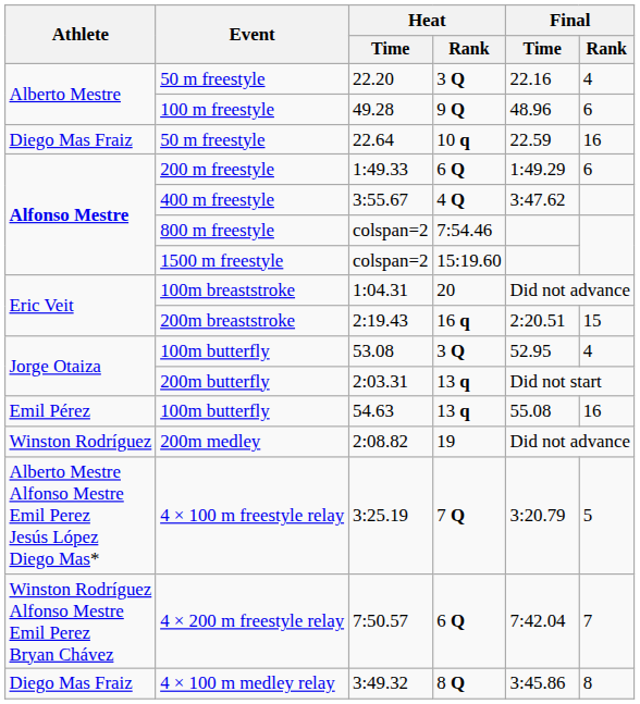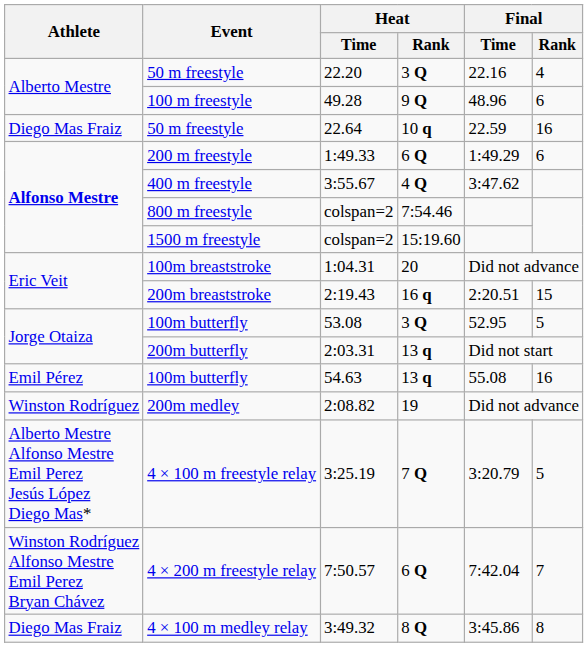 <table class=wikitable style="font-size:90%">
 <tr>
 <th rowspan="2">Athlete</th>
 <th rowspan="2">Event</th>
 <th colspan="2">Heat</th>
 <th colspan="2">Final</th>
 </tr>
 <tr style="font-size:95%">
 <th>Time</th>
 <th>Rank</th>
 <th>Time</th>
 <th>Rank</th>
 </tr>
 <tr>
 <td align=left rowspan=2><a href='#'>Alberto Mestre</a></td>
 <td align=left><a href='#'>50 m freestyle</a></td>
 <td>22.20</td>
 <td>3 <strong>Q</strong></td>
 <td>22.16</td>
 <td>4</td>
 </tr>
 <tr>
 <td align=left><a href='#'>100 m freestyle</a></td>
 <td>49.28</td>
 <td>9 <strong>Q</strong></td>
 <td>48.96</td>
 <td>6</td>
 </tr>
 <tr>
 <td align=left><a href='#'>Diego Mas Fraiz</a></td>
 <td align=left><a href='#'>50 m freestyle</a></td>
 <td>22.64</td>
 <td>10 <strong>q</strong></td>
 <td>22.59</td>
 <td>16</td>
 </tr>
 <tr>
 <td align=left rowspan=4><strong><a href='#'>Alfonso Mestre</a></strong></td>
 <td align=left><a href='#'>200 m freestyle</a></td>
 <td>1:49.33</td>
 <td>6 <strong>Q</strong></td>
 <td>1:49.29</td>
 <td>6</td>
 </tr>
 <tr>
 <td align=left><a href='#'>400 m freestyle</a></td>
 <td>3:55.67</td>
 <td>4 <strong>Q</strong></td>
 <td>3:47.62</td>
 <td></td>
 </tr>
 <tr>
 <td align=left><a href='#'>800 m freestyle</a></td>
 <td>colspan=2 </td>
 <td>7:54.46</td>
 <td></td>
 </tr>
 <tr>
 <td align=left><a href='#'>1500 m freestyle</a></td>
 <td>colspan=2 </td>
 <td>15:19.60</td>
 <td></td>
 </tr>
 <tr>
 <td align=left rowspan=2><a href='#'>Eric Veit</a></td>
 <td align=left><a href='#'>100m breaststroke</a></td>
 <td>1:04.31</td>
 <td>20</td>
 <td colspan=2>Did not advance</td>
 </tr>
 <tr>
 <td align=left><a href='#'>200m breaststroke</a></td>
 <td>2:19.43</td>
 <td>16 <strong>q</strong></td>
 <td>2:20.51</td>
 <td>15</td>
 </tr>
 <tr>
 <td align=left rowspan=2><a href='#'>Jorge Otaiza</a></td>
 <td align=left><a href='#'>100m butterfly</a></td>
 <td>53.08</td>
 <td>3 <strong>Q</strong></td>
 <td>52.95</td>
-<td>4</td>
+<td>5</td>
 </tr>
 <tr>
 <td align=left><a href='#'>200m butterfly</a></td>
 <td>2:03.31</td>
 <td>13 <strong>q</strong></td>
 <td colspan=2>Did not start</td>
 </tr>
 <tr>
 <td align=left><a href='#'>Emil Pérez</a></td>
 <td align=left><a href='#'>100m butterfly</a></td>
 <td>54.63</td>
 <td>13 <strong>q</strong></td>
 <td>55.08</td>
 <td>16</td>
 </tr>
 <tr>
 <td align=left><a href='#'>Winston Rodríguez</a></td>
 <td align=left><a href='#'>200m medley</a></td>
 <td>2:08.82</td>
 <td>19</td>
 <td colspan=2>Did not advance</td>
 </tr>
 <tr>
 <td align=left><a href='#'>Alberto Mestre</a><br><a href='#'>Alfonso Mestre</a><br><a href='#'>Emil Perez</a><br><a href='#'>Jesús López</a><br><a href='#'>Diego Mas</a>*</td>
 <td align=left><a href='#'>4 × 100 m freestyle relay</a></td>
 <td>3:25.19</td>
 <td>7 <strong>Q</strong></td>
 <td>3:20.79</td>
 <td>5</td>
 </tr>
 <tr>
 <td align=left><a href='#'>Winston Rodríguez</a><br><a href='#'>Alfonso Mestre</a><br><a href='#'>Emil Perez</a><br><a href='#'>Bryan Chávez</a></td>
 <td align=left><a href='#'>4 × 200 m freestyle relay</a></td>
 <td>7:50.57</td>
 <td>6 <strong>Q</strong></td>
 <td>7:42.04</td>
 <td>7</td>
 </tr>
 <tr>
 <td align=left><a href='#'>Diego Mas Fraiz</a></td>
 <td align=left><a href='#'>4 × 100 m medley relay</a></td>
 <td>3:49.32</td>
 <td>8 <strong>Q</strong></td>
 <td>3:45.86</td>
 <td>8</td>
 </tr>
 </table>
